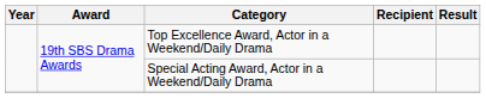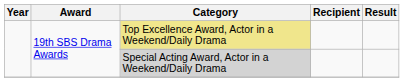 <table class="wikitable">
 <tr>
 <th>Year</th>
 <th>Award</th>
 <th>Category</th>
 <th>Recipient</th>
 <th>Result</th>
 </tr>
 <tr>
 <td rowspan="2"></td>
 <td rowspan="2"><a href='#'>19th SBS Drama Awards</a></td>
-<td>Top Excellence Award, Actor in a Weekend/Daily Drama</td>
+<td style="background: khaki;">Top Excellence Award, Actor in a Weekend/Daily Drama</td>
 <td></td>
 <td></td>
 </tr>
 <tr>
-<td>Special Acting Award, Actor in a Weekend/Daily Drama</td>
+<td style="background: lightgrey;">Special Acting Award, Actor in a Weekend/Daily Drama</td>
 <td></td>
 <td></td>
 </tr>
 <tr>
 </tr>
 </table>
